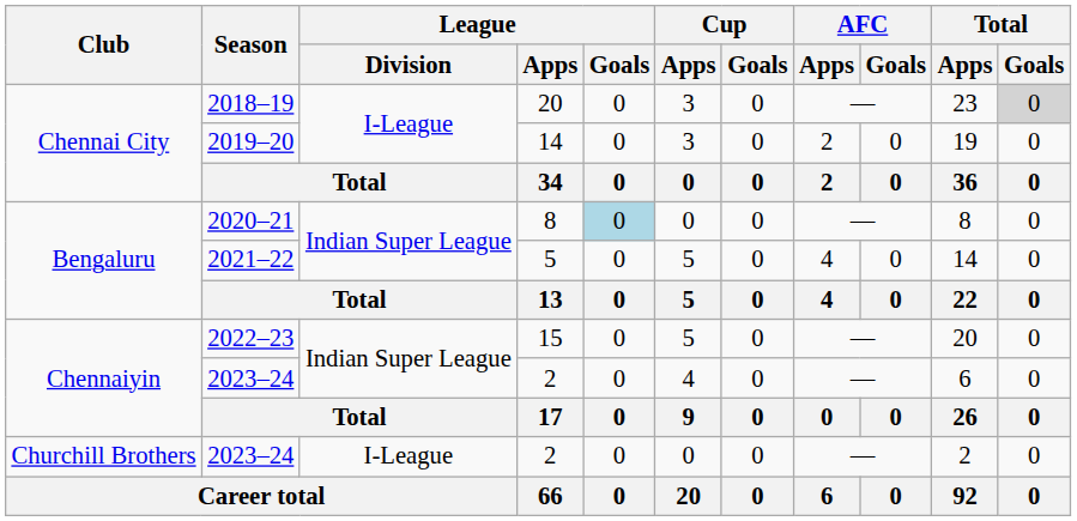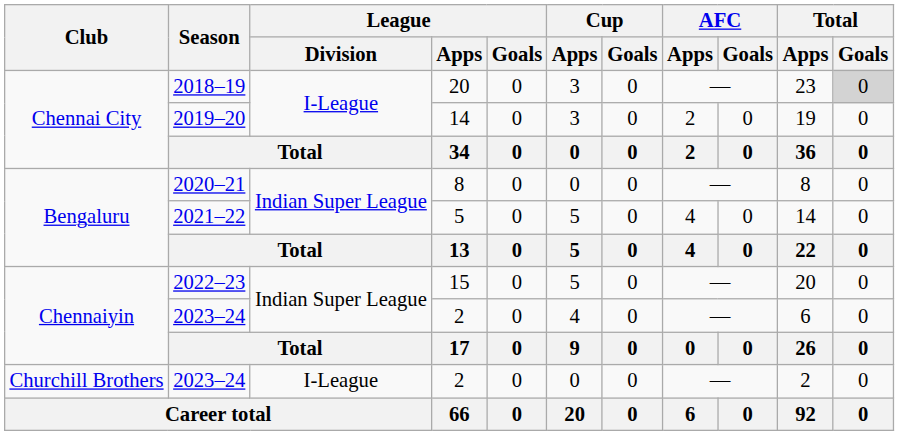 <table class="wikitable" style="text-align: center;">
 <tr>
 <th rowspan="2">Club</th>
 <th rowspan="2">Season</th>
 <th colspan="3">League</th>
 <th colspan="2">Cup</th>
 <th colspan="2"><a href='#'>AFC</a></th>
 <th colspan="2">Total</th>
 </tr>
 <tr>
 <th>Division</th>
 <th>Apps</th>
 <th>Goals</th>
 <th>Apps</th>
 <th>Goals</th>
 <th>Apps</th>
 <th>Goals</th>
 <th>Apps</th>
 <th>Goals</th>
 </tr>
 <tr>
 <td rowspan="3"><a href='#'>Chennai City</a></td>
 <td><a href='#'>2018–19</a></td>
 <td rowspan="2"><a href='#'>I-League</a></td>
 <td>20</td>
 <td>0</td>
 <td>3</td>
 <td>0</td>
 <td colspan="2">—</td>
 <td>23</td>
 <td style="background: lightgrey;">0</td>
 </tr>
 <tr>
 <td><a href='#'>2019–20</a></td>
 <td>14</td>
 <td>0</td>
 <td>3</td>
 <td>0</td>
 <td>2</td>
 <td>0</td>
 <td>19</td>
 <td>0</td>
 </tr>
 <tr>
 <th colspan="2">Total</th>
 <th>34</th>
 <th>0</th>
 <th>0</th>
 <th>0</th>
 <th>2</th>
 <th>0</th>
 <th>36</th>
 <th>0</th>
 </tr>
 <tr>
 <td rowspan="3"><a href='#'>Bengaluru</a></td>
 <td><a href='#'>2020–21</a></td>
 <td rowspan="2"><a href='#'>Indian Super League</a></td>
 <td>8</td>
-<td style="background: lightblue;">0</td>
+<td>0</td>
 <td>0</td>
 <td>0</td>
 <td colspan="2">—</td>
 <td>8</td>
 <td>0</td>
 </tr>
 <tr>
 <td><a href='#'>2021–22</a></td>
 <td>5</td>
 <td>0</td>
 <td>5</td>
 <td>0</td>
 <td>4</td>
 <td>0</td>
 <td>14</td>
 <td>0</td>
 </tr>
 <tr>
 <th colspan="2">Total</th>
 <th>13</th>
 <th>0</th>
 <th>5</th>
 <th>0</th>
 <th>4</th>
 <th>0</th>
 <th>22</th>
 <th>0</th>
 </tr>
 <tr>
 <td rowspan="3"><a href='#'>Chennaiyin</a></td>
 <td><a href='#'>2022–23</a></td>
 <td rowspan="2">Indian Super League</td>
 <td>15</td>
 <td>0</td>
 <td>5</td>
 <td>0</td>
 <td colspan="2">—</td>
 <td>20</td>
 <td>0</td>
 </tr>
 <tr>
 <td><a href='#'>2023–24</a></td>
 <td>2</td>
 <td>0</td>
 <td>4</td>
 <td>0</td>
 <td colspan="2">—</td>
 <td>6</td>
 <td>0</td>
 </tr>
 <tr>
 <th colspan="2">Total</th>
 <th>17</th>
 <th>0</th>
 <th>9</th>
 <th>0</th>
 <th>0</th>
 <th>0</th>
 <th>26</th>
 <th>0</th>
 </tr>
 <tr>
 <td rowspan="1"><a href='#'>Churchill Brothers</a></td>
 <td><a href='#'>2023–24</a></td>
 <td rowspan="1">I-League</td>
 <td>2</td>
 <td>0</td>
 <td>0</td>
 <td>0</td>
 <td colspan="2">—</td>
 <td>2</td>
 <td>0</td>
 </tr>
 <tr>
 <th colspan="3">Career total</th>
 <th>66</th>
 <th>0</th>
 <th>20</th>
 <th>0</th>
 <th>6</th>
 <th>0</th>
 <th>92</th>
 <th>0</th>
 </tr>
 </table>
